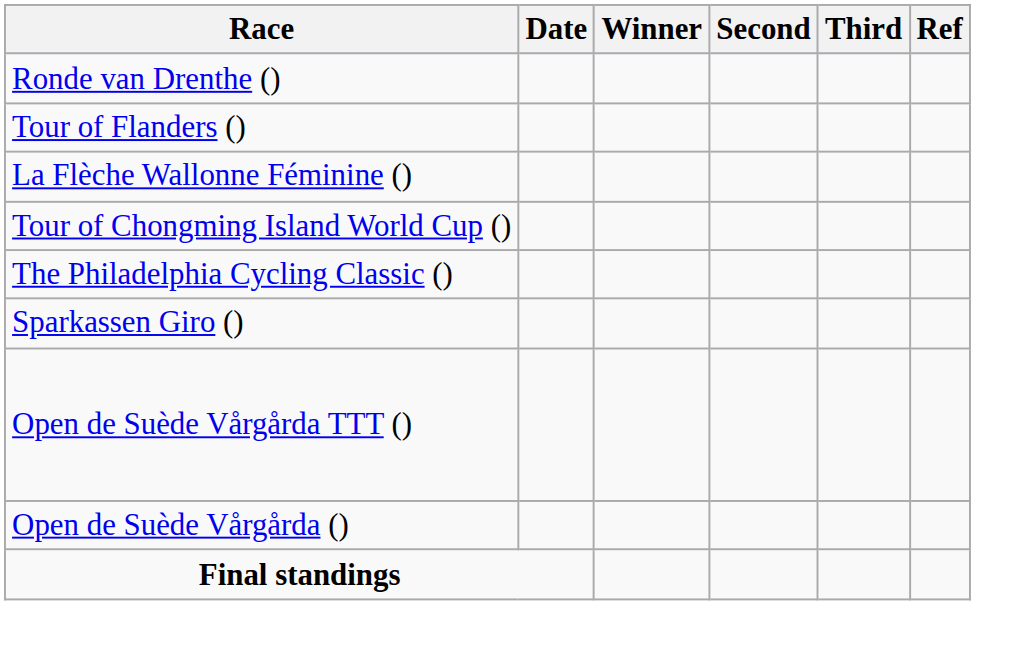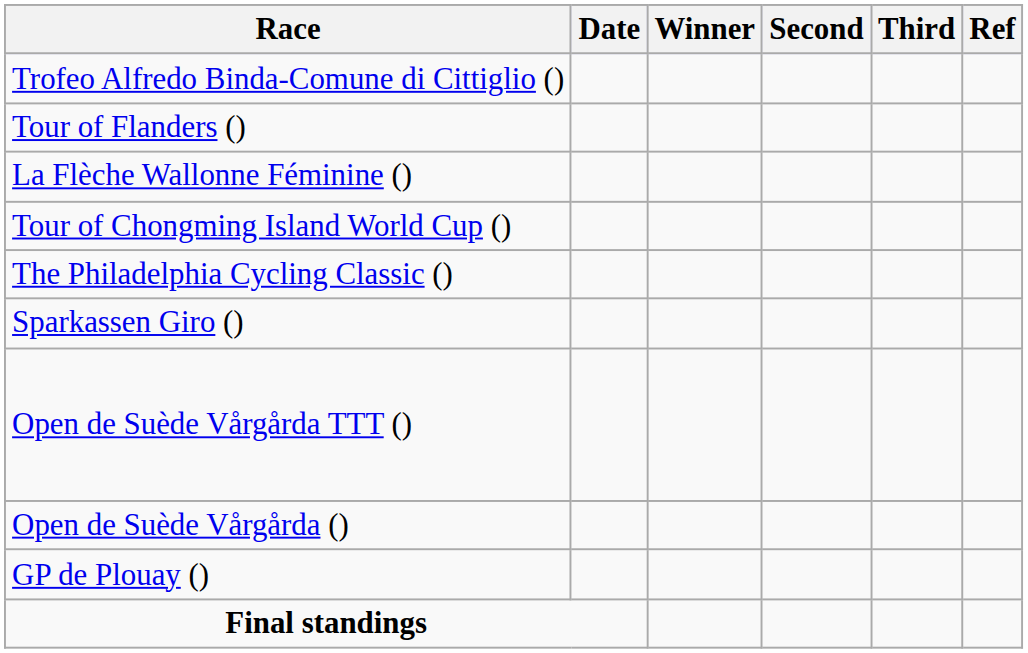 <table class="wikitable sortable">
 <tr style="background:#ccccff;">
 <th>Race</th>
 <th>Date</th>
 <th>Winner</th>
 <th>Second</th>
 <th>Third</th>
 <th class="unsortable">Ref</th>
 </tr>
 <tr>
-<td> <a href='#'>Ronde van Drenthe</a> ()</td>
+<td> <a href='#'>Trofeo Alfredo Binda-Comune di Cittiglio</a> ()</td>
 <td></td>
 <td></td>
 <td></td>
 <td></td>
 <td></td>
 </tr>
 <tr>
 <td> <a href='#'>Tour of Flanders</a> ()</td>
 <td></td>
 <td></td>
 <td></td>
 <td></td>
 <td></td>
 </tr>
 <tr>
 <td> <a href='#'>La Flèche Wallonne Féminine</a> ()</td>
 <td></td>
 <td></td>
 <td></td>
 <td></td>
 <td></td>
 </tr>
 <tr>
 <td> <a href='#'>Tour of Chongming Island World Cup</a> ()</td>
 <td></td>
 <td></td>
 <td></td>
 <td></td>
 <td></td>
 </tr>
 <tr>
 <td>  <a href='#'>The Philadelphia Cycling Classic</a> ()</td>
 <td></td>
 <td></td>
 <td></td>
 <td></td>
 <td></td>
 </tr>
 <tr>
 <td> <a href='#'>Sparkassen Giro</a> ()</td>
 <td></td>
 <td></td>
 <td></td>
 <td></td>
 <td></td>
 </tr>
 <tr>
 <td> <a href='#'>Open de Suède Vårgårda TTT</a> ()</td>
 <td></td>
 <td><br><br> <br> <br> </td>
 <td><br><br> <br> <br> </td>
 <td><br><br> <br> <br> </td>
 <td></td>
 </tr>
 <tr>
 <td> <a href='#'>Open de Suède Vårgårda</a> ()</td>
 <td></td>
 <td></td>
 <td></td>
 <td></td>
 <td></td>
 </tr>
 <tr>
+<td> <a href='#'>GP de Plouay</a> ()</td>
+<td></td>
+<td></td>
+<td></td>
+<td></td>
+<td></td>
+</tr>
+<tr>
 <td colspan=2 align=center><strong>Final standings</strong></td>
 <td></td>
 <td></td>
 <td></td>
 <td></td>
 </tr>
 </table>
